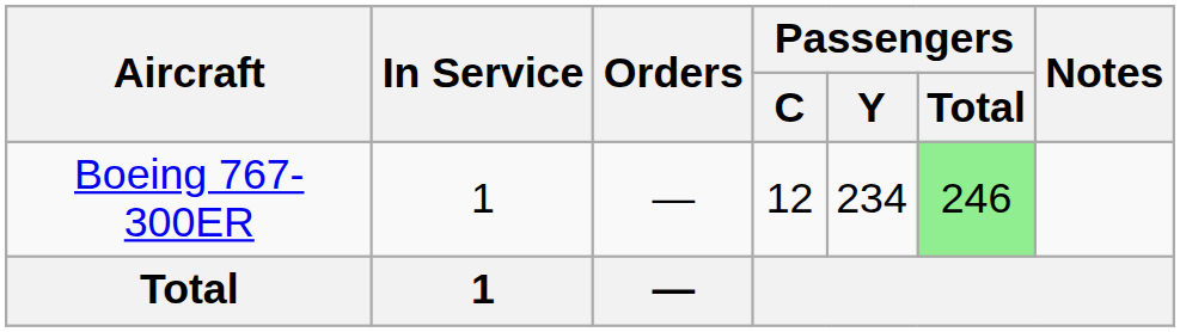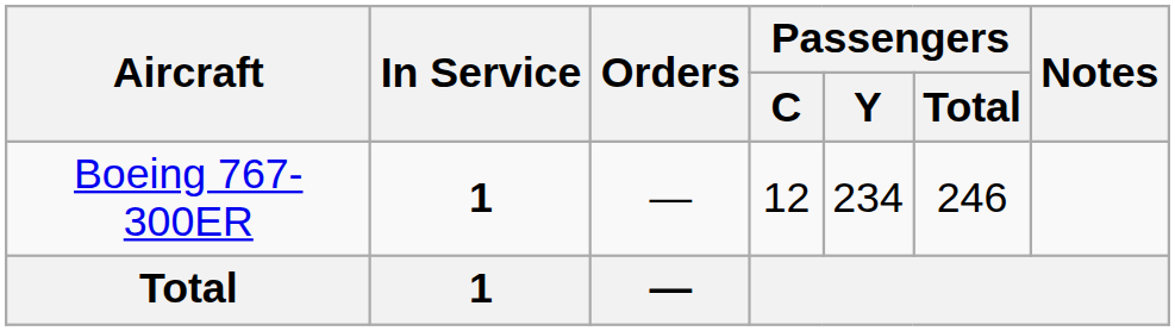 <table class="wikitable" style="border-collapse:collapse;text-align:center">
 <tr>
 <th rowspan="2" style="width:130px;">Aircraft</th>
 <th rowspan=2>In Service</th>
 <th rowspan=2>Orders</th>
 <th colspan=3>Passengers</th>
 <th rowspan=2>Notes</th>
 </tr>
 <tr>
 <th width=20><abbr>C</abbr></th>
 <th width=20><abbr>Y</abbr></th>
 <th>Total</th>
 </tr>
 <tr>
 <td><a href='#'>Boeing 767-300ER</a></td>
-<td>1</td>
+<td><strong>1</strong></td>
 <td>—</td>
 <td>12</td>
 <td>234</td>
-<td style="background: lightgreen;">246</td>
+<td>246</td>
 <td></td>
 </tr>
 <tr>
 <th>Total</th>
 <th>1</th>
 <th>—</th>
 <th colspan=5></th>
 </tr>
 </table>
